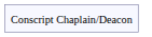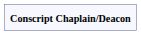 <table style="border:1px solid #8888aa; background-color:#f7f8ff; padding:5px; font-size:95%; margin: 0px 12px 12px 0px; text-align:center;">
 <tr>
 <td></td>
 </tr>
 <tr>
-<td>Conscript Chaplain/Deacon</td>
+<td><strong>Conscript Chaplain/Deacon</strong></td>
 </tr>
 </table>
